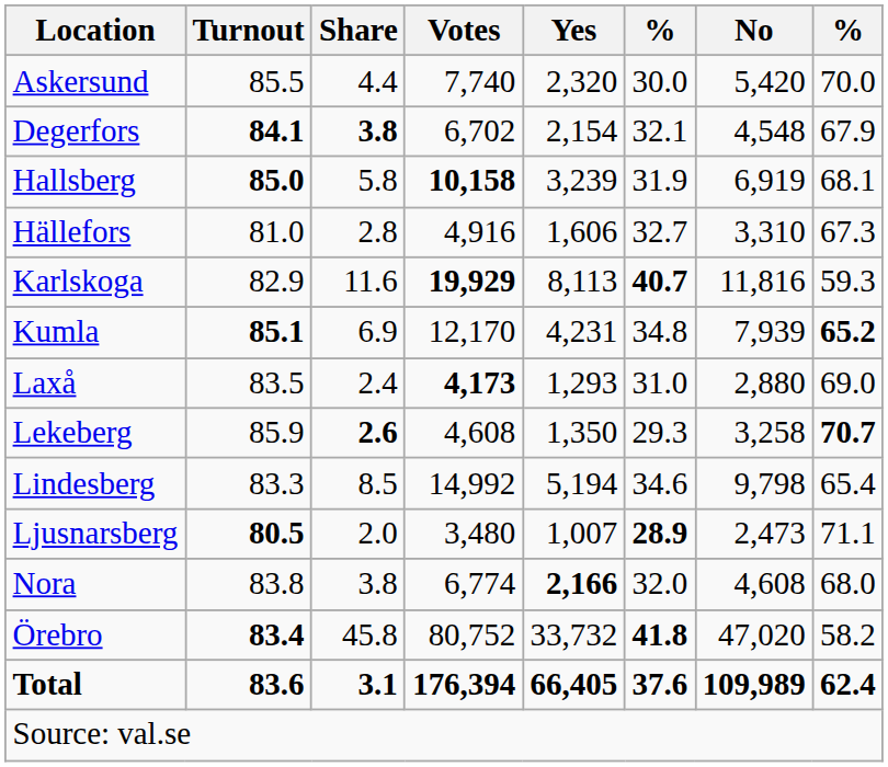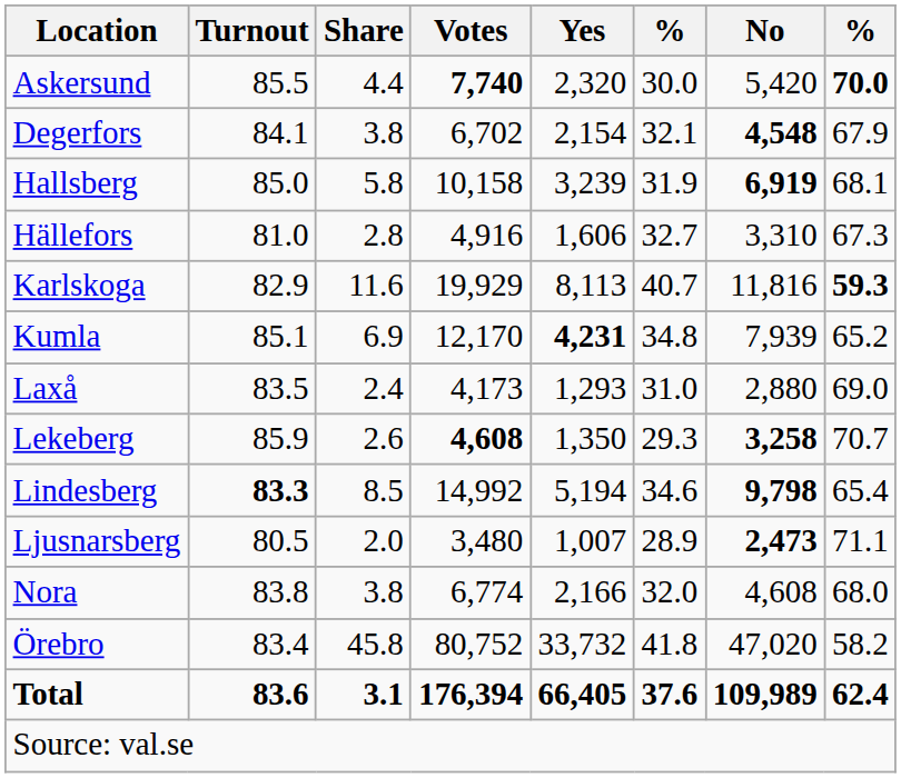 <table class="wikitable sortable" style=text-align:right>
 <tr>
 <th>Location</th>
 <th>Turnout</th>
 <th>Share</th>
 <th>Votes</th>
 <th>Yes</th>
 <th>%</th>
 <th>No</th>
 <th>%</th>
 </tr>
 <tr>
 <td align=left><a href='#'>Askersund</a></td>
 <td>85.5</td>
 <td>4.4</td>
-<td>7,740</td>
+<td><strong>7,740</strong></td>
 <td>2,320</td>
 <td>30.0</td>
 <td>5,420</td>
-<td>70.0</td>
+<td><strong>70.0</strong></td>
 </tr>
 <tr>
 <td align=left><a href='#'>Degerfors</a></td>
-<td><strong>84.1</strong></td>
-<td><strong>3.8</strong></td>
+<td>84.1</td>
+<td>3.8</td>
 <td>6,702</td>
 <td>2,154</td>
 <td>32.1</td>
-<td>4,548</td>
+<td><strong>4,548</strong></td>
 <td>67.9</td>
 </tr>
 <tr>
 <td align=left><a href='#'>Hallsberg</a></td>
-<td><strong>85.0</strong></td>
+<td>85.0</td>
 <td>5.8</td>
-<td><strong>10,158</strong></td>
+<td>10,158</td>
 <td>3,239</td>
 <td>31.9</td>
-<td>6,919</td>
+<td><strong>6,919</strong></td>
 <td>68.1</td>
 </tr>
 <tr>
 <td align=left><a href='#'>Hällefors</a></td>
 <td>81.0</td>
 <td>2.8</td>
 <td>4,916</td>
 <td>1,606</td>
 <td>32.7</td>
 <td>3,310</td>
 <td>67.3</td>
 </tr>
 <tr>
 <td align=left><a href='#'>Karlskoga</a></td>
 <td>82.9</td>
 <td>11.6</td>
-<td><strong>19,929</strong></td>
+<td>19,929</td>
 <td>8,113</td>
-<td><strong>40.7</strong></td>
+<td>40.7</td>
 <td>11,816</td>
-<td>59.3</td>
+<td><strong>59.3</strong></td>
 </tr>
 <tr>
 <td align=left><a href='#'>Kumla</a></td>
-<td><strong>85.1</strong></td>
+<td>85.1</td>
 <td>6.9</td>
 <td>12,170</td>
-<td>4,231</td>
+<td><strong>4,231</strong></td>
 <td>34.8</td>
 <td>7,939</td>
-<td><strong>65.2</strong></td>
+<td>65.2</td>
 </tr>
 <tr>
 <td align=left><a href='#'>Laxå</a></td>
 <td>83.5</td>
 <td>2.4</td>
-<td><strong>4,173</strong></td>
+<td>4,173</td>
 <td>1,293</td>
 <td>31.0</td>
 <td>2,880</td>
 <td>69.0</td>
 </tr>
 <tr>
 <td align=left><a href='#'>Lekeberg</a></td>
 <td>85.9</td>
-<td><strong>2.6</strong></td>
-<td>4,608</td>
+<td>2.6</td>
+<td><strong>4,608</strong></td>
 <td>1,350</td>
 <td>29.3</td>
-<td>3,258</td>
-<td><strong>70.7</strong></td>
+<td><strong>3,258</strong></td>
+<td>70.7</td>
 </tr>
 <tr>
 <td align=left><a href='#'>Lindesberg</a></td>
-<td>83.3</td>
+<td><strong>83.3</strong></td>
 <td>8.5</td>
 <td>14,992</td>
 <td>5,194</td>
 <td>34.6</td>
-<td>9,798</td>
+<td><strong>9,798</strong></td>
 <td>65.4</td>
 </tr>
 <tr>
 <td align=left><a href='#'>Ljusnarsberg</a></td>
-<td><strong>80.5</strong></td>
+<td>80.5</td>
 <td>2.0</td>
 <td>3,480</td>
 <td>1,007</td>
-<td><strong>28.9</strong></td>
-<td>2,473</td>
+<td>28.9</td>
+<td><strong>2,473</strong></td>
 <td>71.1</td>
 </tr>
 <tr>
 <td align=left><a href='#'>Nora</a></td>
 <td>83.8</td>
 <td>3.8</td>
 <td>6,774</td>
-<td><strong>2,166</strong></td>
+<td>2,166</td>
 <td>32.0</td>
 <td>4,608</td>
 <td>68.0</td>
 </tr>
 <tr>
 <td align=left><a href='#'>Örebro</a></td>
-<td><strong>83.4</strong></td>
+<td>83.4</td>
 <td>45.8</td>
 <td>80,752</td>
 <td>33,732</td>
-<td><strong>41.8</strong></td>
+<td>41.8</td>
 <td>47,020</td>
 <td>58.2</td>
 </tr>
 <tr>
 <td align=left><strong>Total</strong></td>
 <td><strong>83.6</strong></td>
 <td><strong>3.1</strong></td>
 <td><strong>176,394</strong></td>
 <td><strong>66,405</strong></td>
 <td><strong>37.6</strong></td>
 <td><strong>109,989</strong></td>
 <td><strong>62.4</strong></td>
 </tr>
 <tr>
 <td align=left colspan=8>Source: val.se </td>
 </tr>
 </table>
